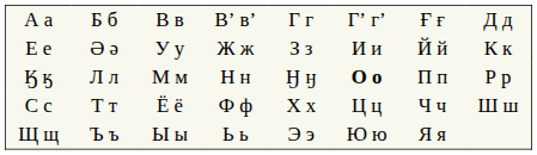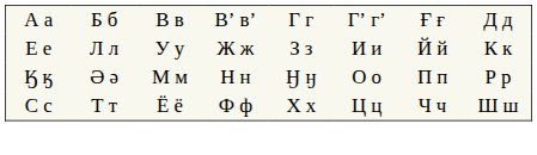 <table style="font-family:Arial Unicode MS; font-size:1.4em; border-color:#000000; border-width:1px; border-style:solid; border-collapse:collapse; background-color:#F8F8EF">
 <tr>
 <td style="width:3em; text-align:center; padding: 3px;">А а</td>
 <td style="width:3em; text-align:center; padding: 3px;">Б б</td>
 <td style="width:3em; text-align:center; padding: 3px;">В в</td>
 <td style="width:3em; text-align:center; padding: 3px;">Вʼ вʼ</td>
 <td style="width:3em; text-align:center; padding: 3px;">Г г</td>
 <td style="width:3em; text-align:center; padding: 3px;">Гʼ гʼ</td>
 <td style="width:3em; text-align:center; padding: 3px;">Ғ ғ</td>
 <td style="width:3em; text-align:center; padding: 3px;">Д д</td>
 </tr>
 <tr>
 <td style="width:3em; text-align:center; padding: 3px;">Е е</td>
-<td style="width:3em; text-align:center; padding: 3px;">Ә ә</td>
+<td style="width:3em; text-align:center; padding: 3px;">Л л</td>
 <td style="width:3em; text-align:center; padding: 3px;">У у</td>
 <td style="width:3em; text-align:center; padding: 3px;">Ж ж</td>
 <td style="width:3em; text-align:center; padding: 3px;">З з</td>
 <td style="width:3em; text-align:center; padding: 3px;">И и</td>
 <td style="width:3em; text-align:center; padding: 3px;">Й й</td>
 <td style="width:3em; text-align:center; padding: 3px;">К к</td>
 </tr>
 <tr>
 <td style="width:3em; text-align:center; padding: 3px;">Ӄ ӄ</td>
-<td style="width:3em; text-align:center; padding: 3px;">Л л</td>
+<td style="width:3em; text-align:center; padding: 3px;">Ә ә</td>
 <td style="width:3em; text-align:center; padding: 3px;">М м</td>
 <td style="width:3em; text-align:center; padding: 3px;">Н н</td>
 <td style="width:3em; text-align:center; padding: 3px;">Ӈ ӈ</td>
-<td style="width:3em; text-align:center; padding: 3px;"><strong>О о</strong></td>
+<td style="width:3em; text-align:center; padding: 3px;">О о</td>
 <td style="width:3em; text-align:center; padding: 3px;">П п</td>
 <td style="width:3em; text-align:center; padding: 3px;">Р р</td>
 </tr>
 <tr>
 <td style="width:3em; text-align:center; padding: 3px;">С с</td>
 <td style="width:3em; text-align:center; padding: 3px;">Т т</td>
 <td style="width:3em; text-align:center; padding: 3px;">Ё ё</td>
 <td style="width:3em; text-align:center; padding: 3px;">Ф ф</td>
 <td style="width:3em; text-align:center; padding: 3px;">Х х</td>
 <td style="width:3em; text-align:center; padding: 3px;">Ц ц</td>
 <td style="width:3em; text-align:center; padding: 3px;">Ч ч</td>
 <td style="width:3em; text-align:center; padding: 3px;">Ш ш</td>
 </tr>
-<tr>
-<td style="width:3em; text-align:center; padding: 3px;">Щ щ</td>
-<td style="width:3em; text-align:center; padding: 3px;">Ъ ъ</td>
-<td style="width:3em; text-align:center; padding: 3px;">Ы ы</td>
-<td style="width:3em; text-align:center; padding: 3px;">Ь ь</td>
-<td style="width:3em; text-align:center; padding: 3px;">Э э</td>
-<td style="width:3em; text-align:center; padding: 3px;">Ю ю</td>
-<td style="width:3em; text-align:center; padding: 3px;">Я я</td>
-<td style="width:3em; text-align:center; padding: 3px;"></td>
-</tr>
 </table>
